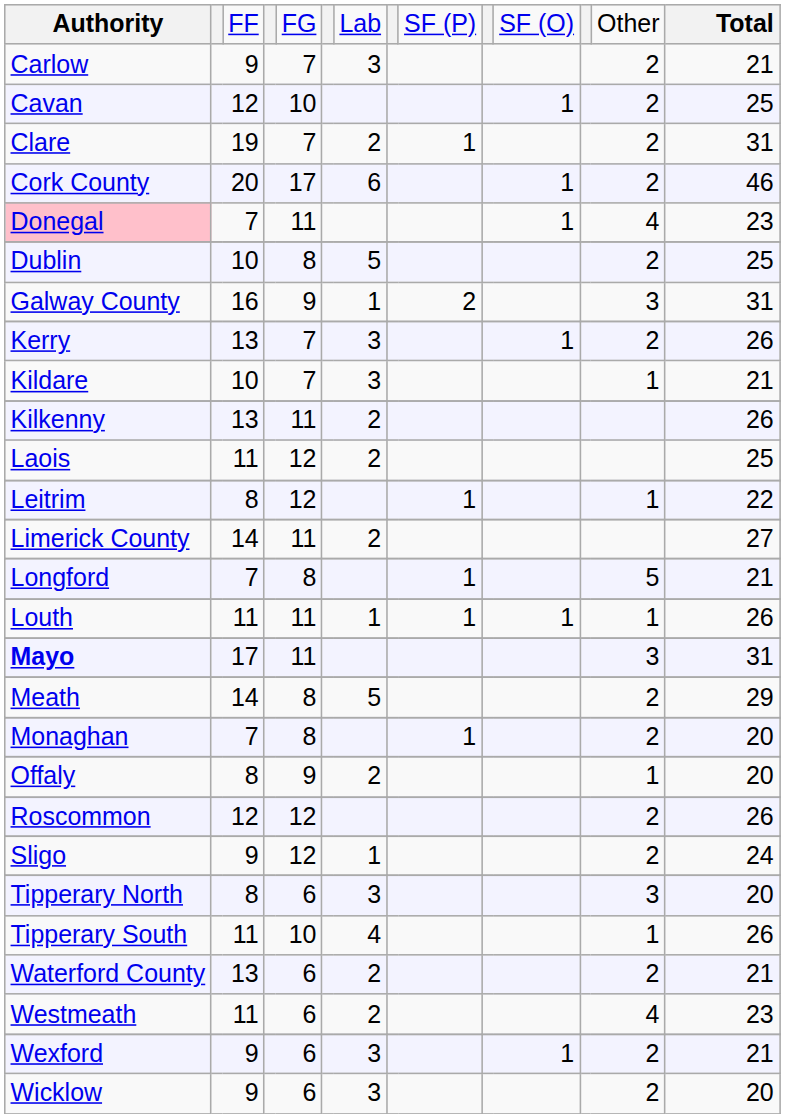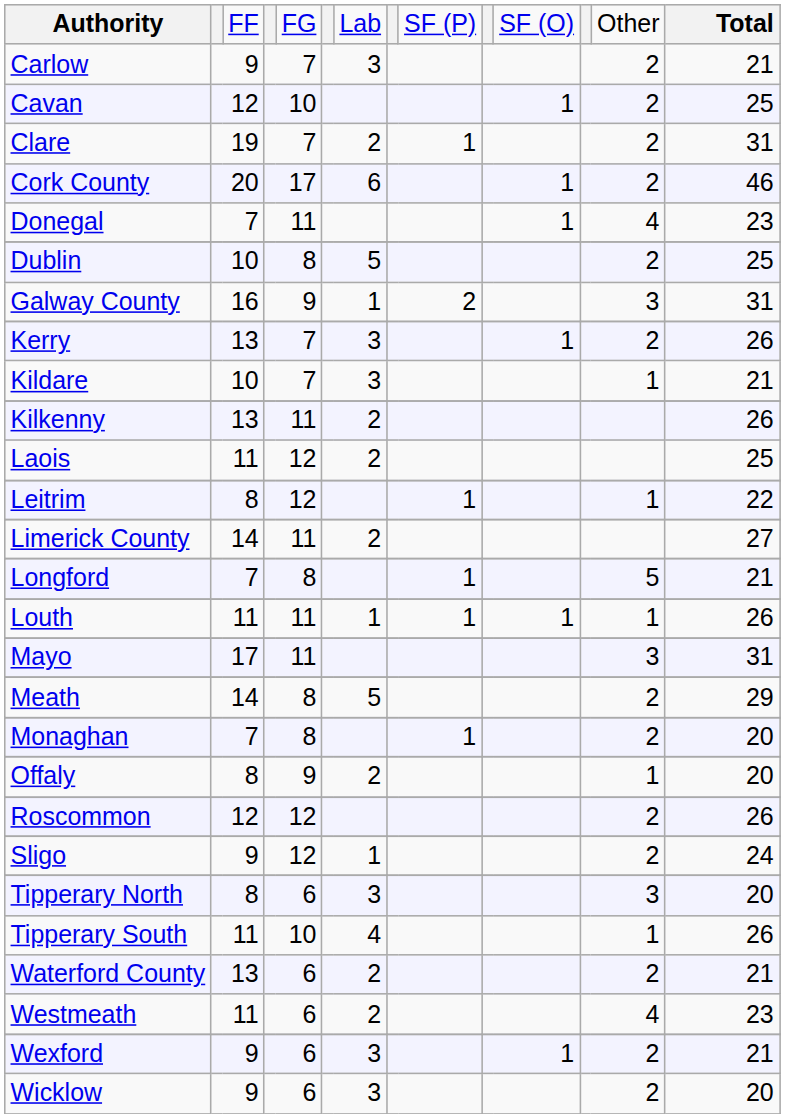 <table class="wikitable" style="text-align:right; padding-left:1em">
 <tr>
 <th align="left">Authority</th>
 <th style="background-color: "></th>
 <td><a href='#'>FF</a></td>
 <th style="background-color: "></th>
 <td><a href='#'>FG</a></td>
 <th style="background-color: "></th>
 <td><a href='#'>Lab</a></td>
 <th style="background-color: "></th>
 <td><a href='#'>SF (P)</a></td>
 <th style="background-color: "></th>
 <td><a href='#'>SF (O)</a></td>
 <th style="background-color: "></th>
 <td>Other</td>
 <th style="padding-left:2em">Total</th>
 </tr>
 <tr>
 <td align="left"><a href='#'>Carlow</a></td>
 <td colspan="2">9</td>
 <td colspan="2">7</td>
 <td colspan="2">3</td>
 <td colspan="2"></td>
 <td colspan="2"></td>
 <td colspan="2">2</td>
 <td>21</td>
 </tr>
 <tr bgcolor="F3F3FF">
 <td align="left"><a href='#'>Cavan</a></td>
 <td colspan="2">12</td>
 <td colspan="2">10</td>
 <td colspan="2"></td>
 <td colspan="2"></td>
 <td colspan="2">1</td>
 <td colspan="2">2</td>
 <td>25</td>
 </tr>
 <tr>
 <td align="left"><a href='#'>Clare</a></td>
 <td colspan="2">19</td>
 <td colspan="2">7</td>
 <td colspan="2">2</td>
 <td colspan="2">1</td>
 <td colspan="2"></td>
 <td colspan="2">2</td>
 <td>31</td>
 </tr>
 <tr bgcolor="F3F3FF">
 <td align="left"><a href='#'>Cork County</a></td>
 <td colspan="2">20</td>
 <td colspan="2">17</td>
 <td colspan="2">6</td>
 <td colspan="2"></td>
 <td colspan="2">1</td>
 <td colspan="2">2</td>
 <td>46</td>
 </tr>
 <tr>
-<td align="left" style="background: pink;"><a href='#'>Donegal</a></td>
+<td align="left"><a href='#'>Donegal</a></td>
 <td colspan="2">7</td>
 <td colspan="2">11</td>
 <td colspan="2"></td>
 <td colspan="2"></td>
 <td colspan="2">1</td>
 <td colspan="2">4 </td>
 <td>23</td>
 </tr>
 <tr>
 </tr>
 <tr bgcolor="F3F3FF">
 <td align="left"><a href='#'>Dublin</a></td>
 <td colspan="2">10</td>
 <td colspan="2">8</td>
 <td colspan="2">5</td>
 <td colspan="2"></td>
 <td colspan="2"></td>
 <td colspan="2">2</td>
 <td>25</td>
 </tr>
 <tr>
 <td align="left"><a href='#'>Galway County</a></td>
 <td colspan="2">16</td>
 <td colspan="2">9</td>
 <td colspan="2">1</td>
 <td colspan="2">2</td>
 <td colspan="2"></td>
 <td colspan="2">3</td>
 <td>31</td>
 </tr>
 <tr>
 </tr>
 <tr bgcolor="F3F3FF">
 <td align="left"><a href='#'>Kerry</a></td>
 <td colspan="2">13</td>
 <td colspan="2">7</td>
 <td colspan="2">3</td>
 <td colspan="2"></td>
 <td colspan="2">1</td>
 <td colspan="2">2</td>
 <td>26</td>
 </tr>
 <tr>
 <td align="left"><a href='#'>Kildare</a></td>
 <td colspan="2">10</td>
 <td colspan="2">7</td>
 <td colspan="2">3</td>
 <td colspan="2"></td>
 <td colspan="2"></td>
 <td colspan="2">1</td>
 <td>21</td>
 </tr>
 <tr>
 </tr>
 <tr bgcolor="F3F3FF">
 <td align="left"><a href='#'>Kilkenny</a></td>
 <td colspan="2">13</td>
 <td colspan="2">11</td>
 <td colspan="2">2</td>
 <td colspan="2"></td>
 <td colspan="2"></td>
 <td colspan="2"></td>
 <td>26</td>
 </tr>
 <tr>
 <td align="left"><a href='#'>Laois</a></td>
 <td colspan="2">11</td>
 <td colspan="2">12</td>
 <td colspan="2">2</td>
 <td colspan="2"></td>
 <td colspan="2"></td>
 <td colspan="2"></td>
 <td>25</td>
 </tr>
 <tr>
 </tr>
 <tr bgcolor="F3F3FF">
 <td align="left"><a href='#'>Leitrim</a></td>
 <td colspan="2">8</td>
 <td colspan="2">12</td>
 <td colspan="2"></td>
 <td colspan="2">1</td>
 <td colspan="2"></td>
 <td colspan="2">1</td>
 <td>22</td>
 </tr>
 <tr>
 </tr>
 <tr>
 <td align="left"><a href='#'>Limerick County</a></td>
 <td colspan="2">14</td>
 <td colspan="2">11</td>
 <td colspan="2">2</td>
 <td colspan="2"></td>
 <td colspan="2"></td>
 <td colspan="2"></td>
 <td>27</td>
 </tr>
 <tr>
 </tr>
 <tr bgcolor="F3F3FF">
 <td align="left"><a href='#'>Longford</a></td>
 <td colspan="2">7</td>
 <td colspan="2">8</td>
 <td colspan="2"></td>
 <td colspan="2">1</td>
 <td colspan="2"></td>
 <td colspan="2">5</td>
 <td>21</td>
 </tr>
 <tr>
 </tr>
 <tr>
 <td align="left"><a href='#'>Louth</a></td>
 <td colspan="2">11</td>
 <td colspan="2">11</td>
 <td colspan="2">1</td>
 <td colspan="2">1</td>
 <td colspan="2">1</td>
 <td colspan="2">1</td>
 <td>26</td>
 </tr>
 <tr>
 </tr>
 <tr bgcolor="F3F3FF">
-<td align="left"><strong><a href='#'>Mayo</a></strong></td>
+<td align="left"><a href='#'>Mayo</a></td>
 <td colspan="2">17</td>
 <td colspan="2">11</td>
 <td colspan="2"></td>
 <td colspan="2"></td>
 <td colspan="2"></td>
 <td colspan="2">3</td>
 <td>31</td>
 </tr>
 <tr>
 </tr>
 <tr>
 <td align="left"><a href='#'>Meath</a></td>
 <td colspan="2">14</td>
 <td colspan="2">8</td>
 <td colspan="2">5</td>
 <td colspan="2"></td>
 <td colspan="2"></td>
 <td colspan="2">2</td>
 <td>29</td>
 </tr>
 <tr>
 </tr>
 <tr bgcolor="F3F3FF">
 <td align="left"><a href='#'>Monaghan</a></td>
 <td colspan="2">7</td>
 <td colspan="2">8</td>
 <td colspan="2"></td>
 <td colspan="2">1</td>
 <td colspan="2"></td>
 <td colspan="2">2 </td>
 <td>20</td>
 </tr>
 <tr>
 </tr>
 <tr>
 <td align="left"><a href='#'>Offaly</a></td>
 <td colspan="2">8</td>
 <td colspan="2">9</td>
 <td colspan="2">2</td>
 <td colspan="2"></td>
 <td colspan="2"></td>
 <td colspan="2">1</td>
 <td>20</td>
 </tr>
 <tr>
 </tr>
 <tr bgcolor="F3F3FF">
 <td align="left"><a href='#'>Roscommon</a></td>
 <td colspan="2">12</td>
 <td colspan="2">12</td>
 <td colspan="2"></td>
 <td colspan="2"></td>
 <td colspan="2"></td>
 <td colspan="2">2</td>
 <td>26</td>
 </tr>
 <tr>
 </tr>
 <tr>
 <td align="left"><a href='#'>Sligo</a></td>
 <td colspan="2">9</td>
 <td colspan="2">12</td>
 <td colspan="2">1</td>
 <td colspan="2"></td>
 <td colspan="2"></td>
 <td colspan="2">2</td>
 <td>24</td>
 </tr>
 <tr>
 </tr>
 <tr bgcolor="F3F3FF">
 <td align="left"><a href='#'>Tipperary North</a></td>
 <td colspan="2">8</td>
 <td colspan="2">6</td>
 <td colspan="2">3</td>
 <td colspan="2"></td>
 <td colspan="2"></td>
 <td colspan="2">3</td>
 <td>20</td>
 </tr>
 <tr>
 <td align="left"><a href='#'>Tipperary South</a></td>
 <td colspan="2">11</td>
 <td colspan="2">10</td>
 <td colspan="2">4</td>
 <td colspan="2"></td>
 <td colspan="2"></td>
 <td colspan="2">1</td>
 <td>26</td>
 </tr>
 <tr bgcolor="F3F3FF">
 <td align="left"><a href='#'>Waterford County</a></td>
 <td colspan="2">13</td>
 <td colspan="2">6</td>
 <td colspan="2">2</td>
 <td colspan="2"></td>
 <td colspan="2"></td>
 <td colspan="2">2</td>
 <td>21</td>
 </tr>
 <tr>
 <td align="left"><a href='#'>Westmeath</a></td>
 <td colspan="2">11</td>
 <td colspan="2">6</td>
 <td colspan="2">2</td>
 <td colspan="2"></td>
 <td colspan="2"></td>
 <td colspan="2">4</td>
 <td>23</td>
 </tr>
 <tr>
 </tr>
 <tr bgcolor="F3F3FF">
 <td align="left"><a href='#'>Wexford</a></td>
 <td colspan="2">9</td>
 <td colspan="2">6</td>
 <td colspan="2">3</td>
 <td colspan="2"></td>
 <td colspan="2">1</td>
 <td colspan="2">2</td>
 <td>21</td>
 </tr>
 <tr>
 <td align="left"><a href='#'>Wicklow</a></td>
 <td colspan="2">9</td>
 <td colspan="2">6</td>
 <td colspan="2">3</td>
 <td colspan="2"></td>
 <td colspan="2"></td>
 <td colspan="2">2</td>
 <td>20</td>
 </tr>
 </table>
